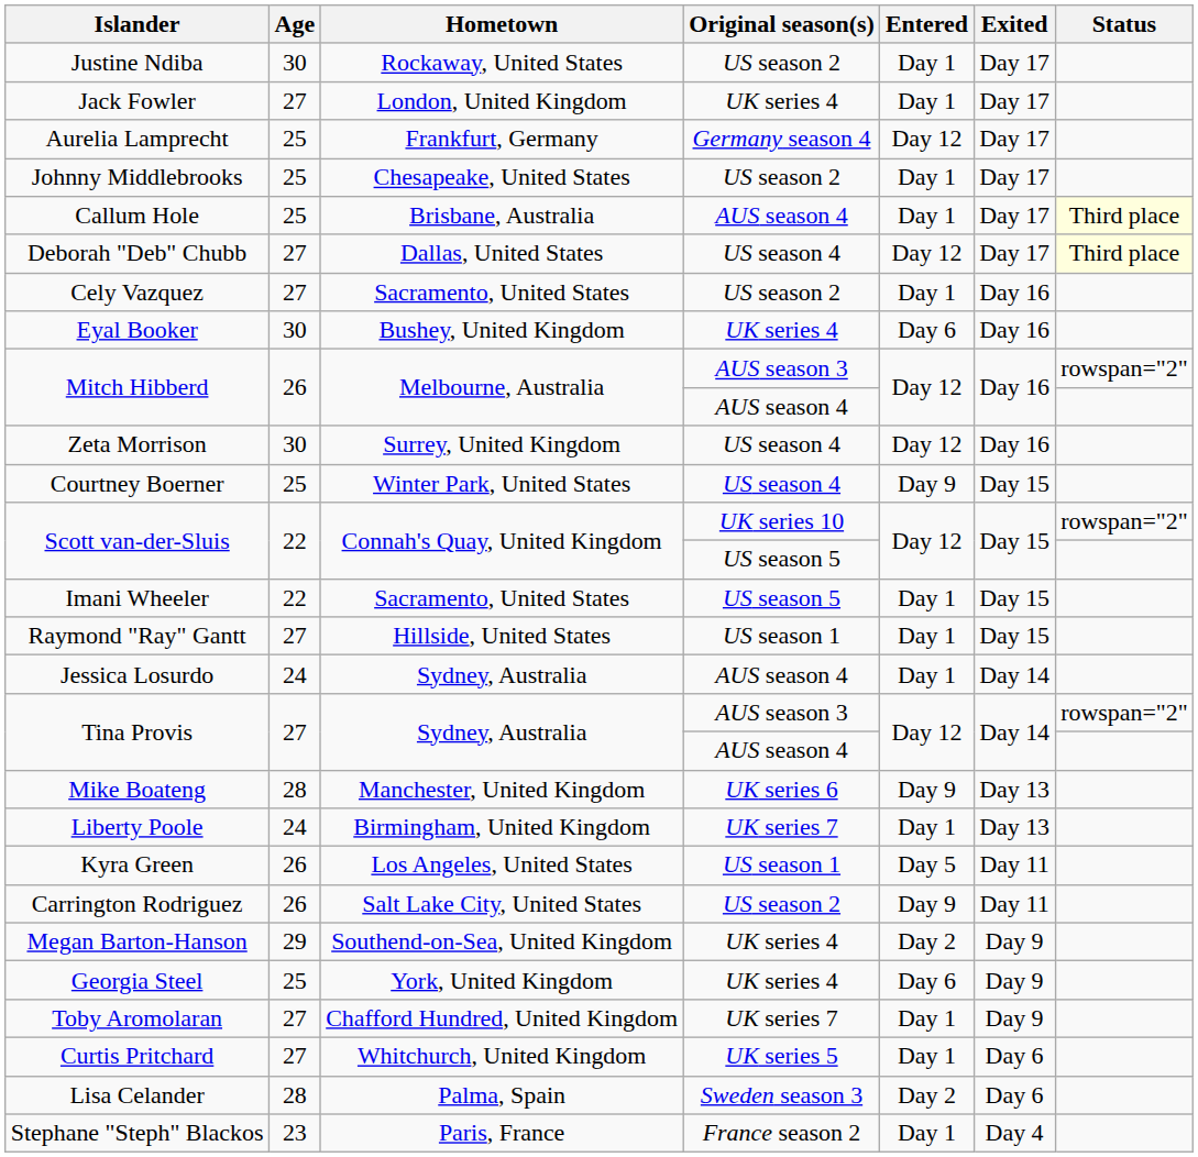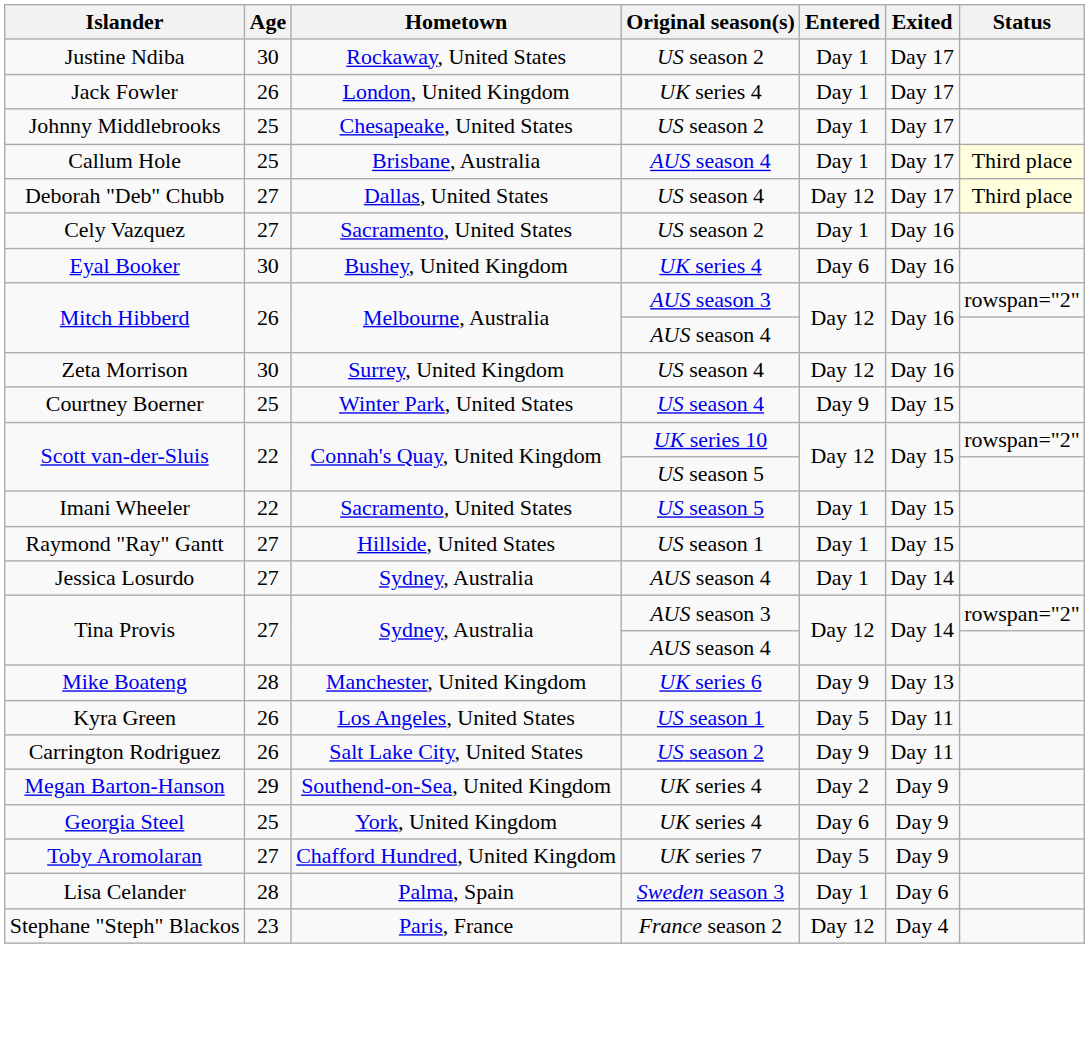 <table class="wikitable sortable" style="text-align:center;">
 <tr>
 <th scope="col">Islander</th>
 <th scope="col">Age</th>
 <th scope="col">Hometown</th>
 <th scope="col">Original season(s)</th>
 <th scope="col">Entered</th>
 <th scope="col">Exited</th>
 <th scope="col">Status</th>
 </tr>
 <tr>
 <td>Justine Ndiba</td>
 <td>30</td>
 <td><a href='#'>Rockaway</a>, United States</td>
 <td><em>US</em> season 2</td>
 <td>Day 1</td>
 <td>Day 17</td>
 <td></td>
 </tr>
 <tr>
 <td>Jack Fowler</td>
-<td>27</td>
+<td>26</td>
 <td><a href='#'>London</a>, United Kingdom</td>
 <td><em>UK</em> series 4</td>
 <td>Day 1</td>
-<td>Day 17</td>
-<td></td>
-</tr>
-<tr>
-<td>Aurelia Lamprecht</td>
-<td>25</td>
-<td><a href='#'>Frankfurt</a>, Germany</td>
-<td><a href='#'><em>Germany</em> season 4</a></td>
-<td>Day 12</td>
 <td>Day 17</td>
 <td></td>
 </tr>
 <tr>
 <td>Johnny Middlebrooks</td>
 <td>25</td>
 <td><a href='#'>Chesapeake</a>, United States</td>
 <td><em>US</em> season 2</td>
 <td>Day 1</td>
 <td>Day 17</td>
 <td></td>
 </tr>
 <tr>
 <td>Callum Hole</td>
 <td>25</td>
 <td><a href='#'>Brisbane</a>, Australia</td>
 <td><a href='#'><em>AUS</em> season 4</a></td>
 <td>Day 1</td>
 <td>Day 17</td>
 <td style="background:#FFFFDD;">Third place</td>
 </tr>
 <tr>
 <td>Deborah "Deb" Chubb</td>
 <td>27</td>
 <td><a href='#'>Dallas</a>, United States</td>
 <td><em>US</em> season 4</td>
 <td>Day 12</td>
 <td>Day 17</td>
 <td style="background:#FFFFDD;">Third place</td>
 </tr>
 <tr>
 <td>Cely Vazquez</td>
 <td>27</td>
 <td><a href='#'>Sacramento</a>, United States</td>
 <td><em>US</em> season 2</td>
 <td>Day 1</td>
 <td>Day 16</td>
 <td></td>
 </tr>
 <tr>
 <td><a href='#'>Eyal Booker</a></td>
 <td>30</td>
 <td><a href='#'>Bushey</a>, United Kingdom</td>
 <td><a href='#'><em>UK</em> series 4</a></td>
 <td>Day 6</td>
 <td>Day 16</td>
 <td></td>
 </tr>
 <tr>
 <td rowspan="2"><a href='#'>Mitch Hibberd</a></td>
 <td rowspan="2">26</td>
 <td rowspan="2"><a href='#'>Melbourne</a>, Australia</td>
 <td><a href='#'><em>AUS</em> season 3</a></td>
 <td rowspan="2">Day 12</td>
 <td rowspan="2">Day 16</td>
 <td>rowspan="2" </td>
 </tr>
 <tr>
 <td><em>AUS</em> season 4</td>
 </tr>
 <tr>
 <td>Zeta Morrison</td>
 <td>30</td>
 <td><a href='#'>Surrey</a>, United Kingdom</td>
 <td><em>US</em> season 4</td>
 <td>Day 12</td>
 <td>Day 16</td>
 <td></td>
 </tr>
 <tr>
 <td>Courtney Boerner</td>
 <td>25</td>
 <td><a href='#'>Winter Park</a>, United States</td>
 <td><a href='#'><em>US</em> season 4</a></td>
 <td>Day 9</td>
 <td>Day 15</td>
 <td></td>
 </tr>
 <tr>
 <td rowspan="2"><a href='#'>Scott van-der-Sluis</a></td>
 <td rowspan="2">22</td>
 <td rowspan="2"><a href='#'>Connah's Quay</a>, United Kingdom</td>
 <td><a href='#'><em>UK</em> series 10</a></td>
 <td rowspan="2">Day 12</td>
 <td rowspan="2">Day 15</td>
 <td>rowspan="2" </td>
 </tr>
 <tr>
 <td><em>US</em> season 5</td>
 </tr>
 <tr>
 <td>Imani Wheeler</td>
 <td>22</td>
 <td><a href='#'>Sacramento</a>, United States</td>
 <td><a href='#'><em>US</em> season 5</a></td>
 <td>Day 1</td>
 <td>Day 15</td>
 <td></td>
 </tr>
 <tr>
 <td>Raymond "Ray" Gantt</td>
 <td>27</td>
 <td><a href='#'>Hillside</a>, United States</td>
 <td><em>US</em> season 1</td>
 <td>Day 1</td>
 <td>Day 15</td>
 <td></td>
 </tr>
 <tr>
 <td>Jessica Losurdo</td>
-<td>24</td>
+<td>27</td>
 <td><a href='#'>Sydney</a>, Australia</td>
 <td><em>AUS</em> season 4</td>
 <td>Day 1</td>
 <td>Day 14</td>
 <td></td>
 </tr>
 <tr>
 <td rowspan="2">Tina Provis</td>
 <td rowspan="2">27</td>
 <td rowspan="2"><a href='#'>Sydney</a>, Australia</td>
 <td><em>AUS</em> season 3</td>
 <td rowspan="2">Day 12</td>
 <td rowspan="2">Day 14</td>
 <td>rowspan="2" </td>
 </tr>
 <tr>
 <td><em>AUS</em> season 4</td>
 </tr>
 <tr>
 <td><a href='#'>Mike Boateng</a></td>
 <td>28</td>
 <td><a href='#'>Manchester</a>, United Kingdom</td>
 <td><a href='#'><em>UK</em> series 6</a></td>
 <td>Day 9</td>
-<td>Day 13</td>
-<td></td>
-</tr>
-<tr>
-<td><a href='#'>Liberty Poole</a></td>
-<td>24</td>
-<td><a href='#'>Birmingham</a>, United Kingdom</td>
-<td><a href='#'><em>UK</em> series 7</a></td>
-<td>Day 1</td>
 <td>Day 13</td>
 <td></td>
 </tr>
 <tr>
 <td>Kyra Green</td>
 <td>26</td>
 <td><a href='#'>Los Angeles</a>, United States</td>
 <td><a href='#'><em>US</em> season 1</a></td>
 <td>Day 5</td>
 <td>Day 11</td>
 <td></td>
 </tr>
 <tr>
 <td>Carrington Rodriguez</td>
 <td>26</td>
 <td><a href='#'>Salt Lake City</a>, United States</td>
 <td><a href='#'><em>US</em> season 2</a></td>
 <td>Day 9</td>
 <td>Day 11</td>
 <td></td>
 </tr>
 <tr>
 <td><a href='#'>Megan Barton-Hanson</a></td>
 <td>29</td>
 <td><a href='#'>Southend-on-Sea</a>, United Kingdom</td>
 <td><em>UK</em> series 4</td>
 <td>Day 2</td>
 <td>Day 9</td>
 <td></td>
 </tr>
 <tr>
 <td><a href='#'>Georgia Steel</a></td>
 <td>25</td>
 <td><a href='#'>York</a>, United Kingdom</td>
 <td><em>UK</em> series 4</td>
 <td>Day 6</td>
 <td>Day 9</td>
 <td></td>
 </tr>
 <tr>
 <td><a href='#'>Toby Aromolaran</a></td>
 <td>27</td>
 <td><a href='#'>Chafford Hundred</a>, United Kingdom</td>
 <td><em>UK</em> series 7</td>
-<td>Day 1</td>
+<td>Day 5</td>
 <td>Day 9</td>
-<td></td>
-</tr>
-<tr>
-<td><a href='#'>Curtis Pritchard</a></td>
-<td>27</td>
-<td><a href='#'>Whitchurch</a>, United Kingdom</td>
-<td><a href='#'><em>UK</em> series 5</a></td>
-<td>Day 1</td>
-<td>Day 6</td>
 <td></td>
 </tr>
 <tr>
 <td>Lisa Celander</td>
 <td>28</td>
 <td><a href='#'>Palma</a>, Spain</td>
 <td><a href='#'><em>Sweden</em> season 3</a></td>
-<td>Day 2</td>
+<td>Day 1</td>
 <td>Day 6</td>
 <td></td>
 </tr>
 <tr>
 <td>Stephane "Steph" Blackos</td>
 <td>23</td>
 <td><a href='#'>Paris</a>, France</td>
 <td><em>France</em> season 2</td>
-<td>Day 1</td>
+<td>Day 12</td>
 <td>Day 4</td>
 <td></td>
 </tr>
 </table>
